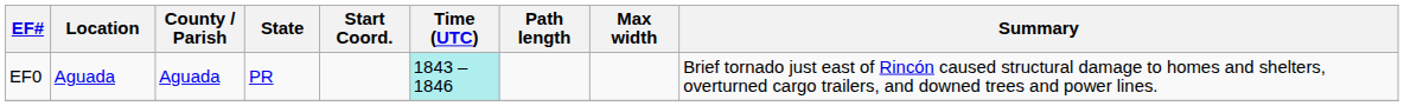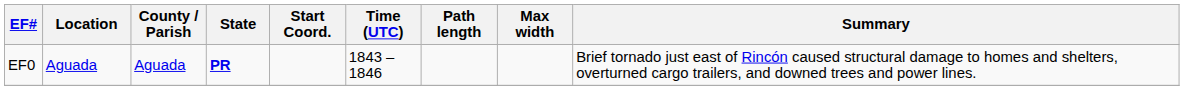 <table class="wikitable sortable" style="width:100%;">
 <tr>
 <th scope="col" width="3%" align="center"><a href='#'>EF#</a></th>
 <th scope="col" width="7%" align="center" class="unsortable">Location</th>
 <th scope="col" width="6%" align="center" class="unsortable">County / Parish</th>
 <th scope="col" width="5%" align="center">State</th>
 <th scope="col" width="6%" align="center">Start Coord.</th>
 <th scope="col" width="6%" align="center">Time (<a href='#'>UTC</a>)</th>
 <th scope="col" width="6%" align="center">Path length</th>
 <th scope="col" width="6%" align="center">Max width</th>
 <th scope="col" width="48%" class="unsortable" align="center">Summary</th>
 </tr>
 <tr>
 <td>EF0</td>
 <td><a href='#'>Aguada</a></td>
 <td><a href='#'>Aguada</a></td>
-<td><a href='#'>PR</a></td>
+<td><strong><a href='#'>PR</a></strong></td>
 <td></td>
-<td style="background: paleturquoise;">1843 – 1846</td>
+<td>1843 – 1846</td>
 <td></td>
 <td></td>
 <td>Brief tornado just east of <a href='#'>Rincón</a> caused structural damage to homes and shelters, overturned cargo trailers, and downed trees and power lines.</td>
 </tr>
 <tr>
 </tr>
 </table>
